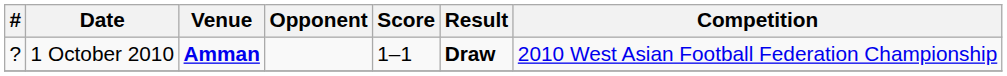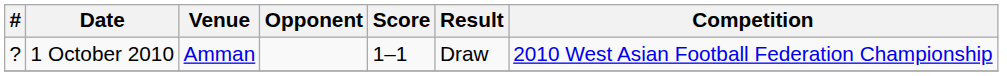 <table class="wikitable">
 <tr>
 <th>#</th>
 <th>Date</th>
 <th>Venue</th>
 <th>Opponent</th>
 <th>Score</th>
 <th>Result</th>
 <th>Competition</th>
 </tr>
 <tr>
 <td>?</td>
 <td>1 October 2010</td>
-<td><strong><a href='#'>Amman</a></strong></td>
+<td><a href='#'>Amman</a></td>
 <td></td>
 <td>1–1</td>
-<td><strong>Draw</strong></td>
+<td>Draw</td>
 <td><a href='#'>2010 West Asian Football Federation Championship</a></td>
 </tr>
 <tr>
 </tr>
 </table>
